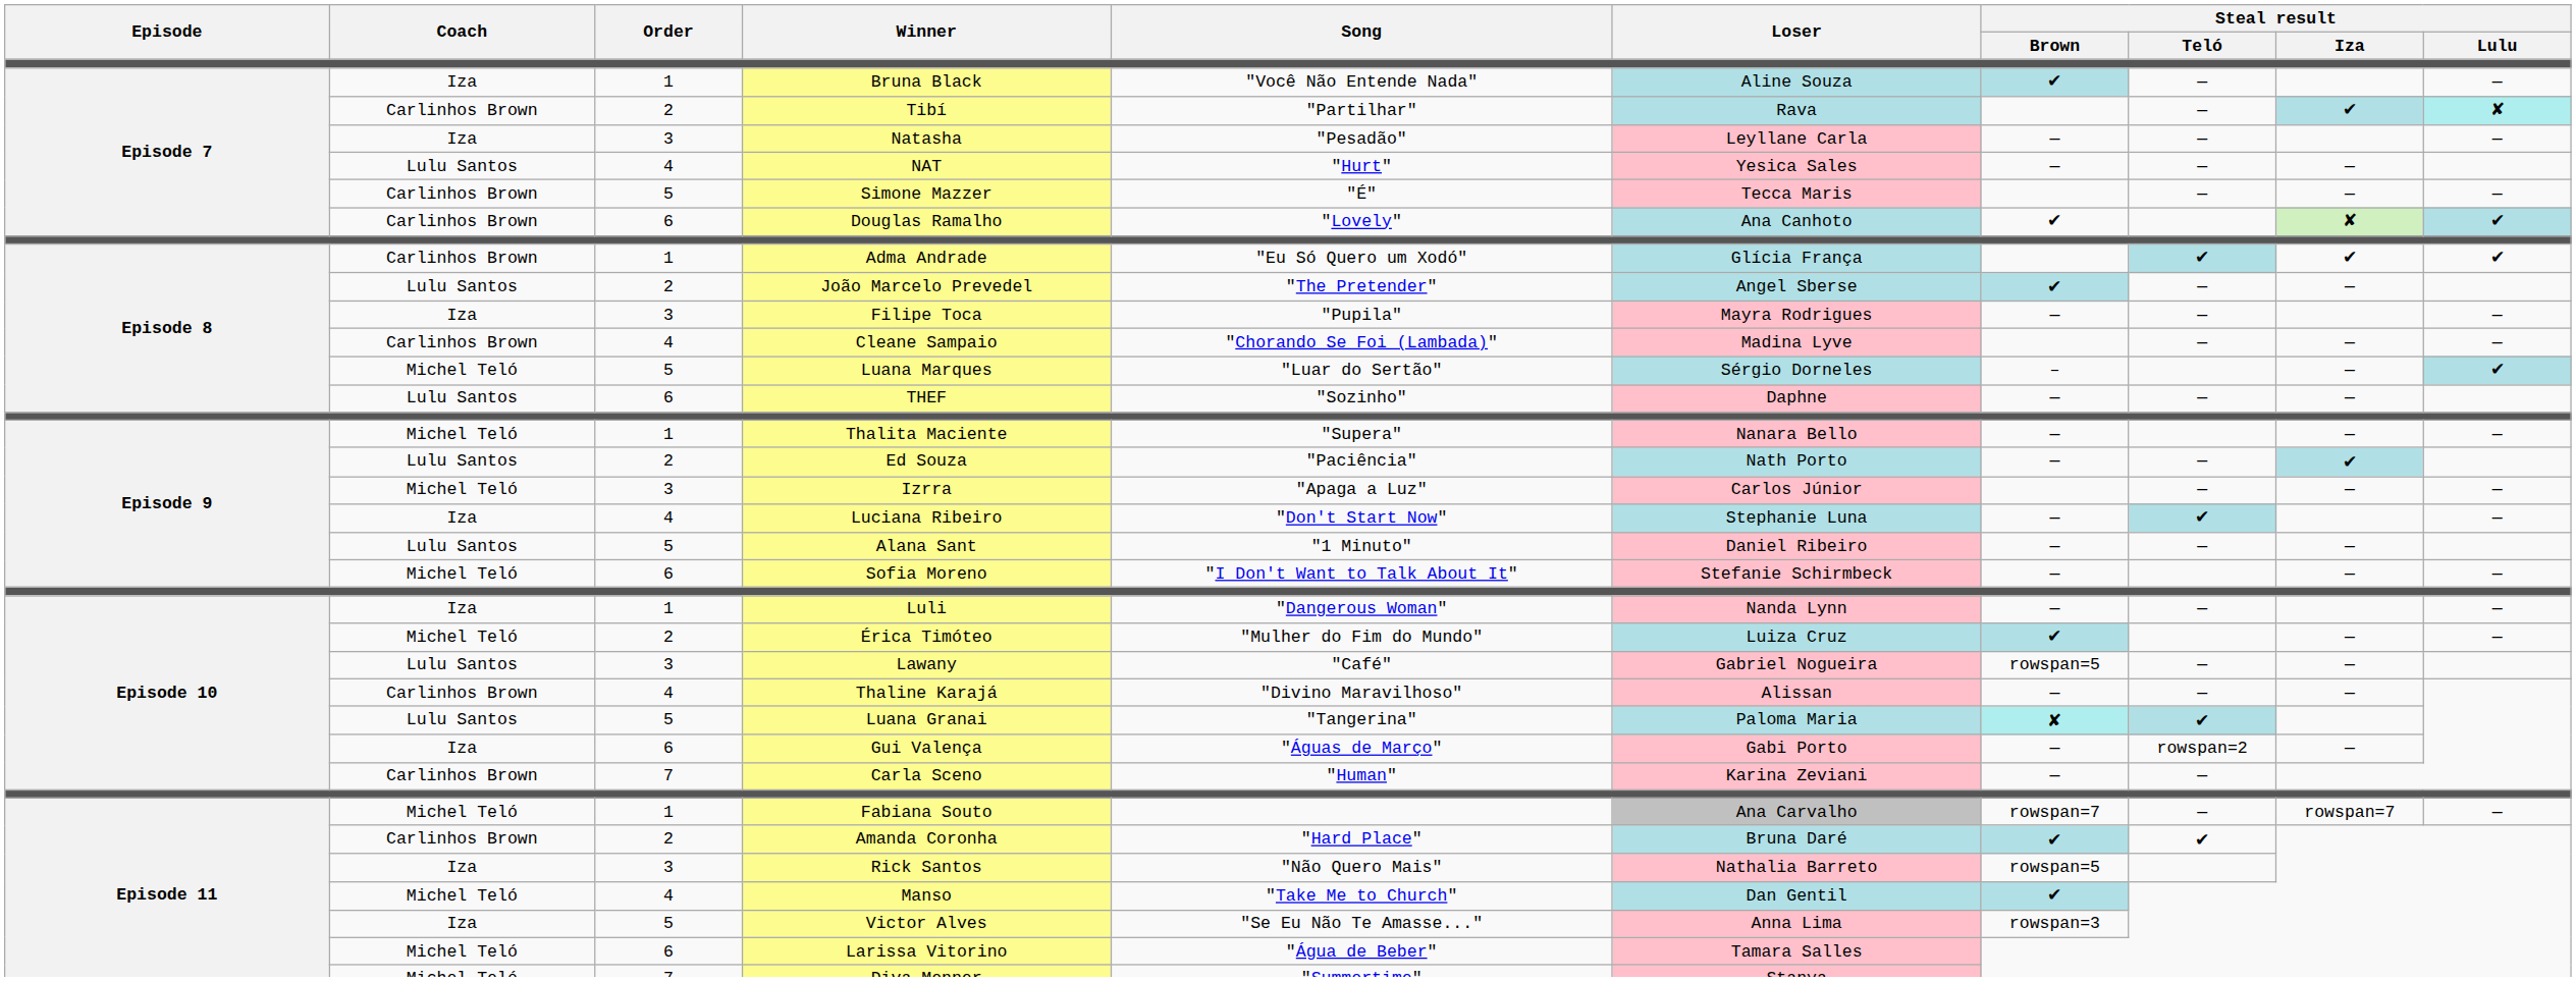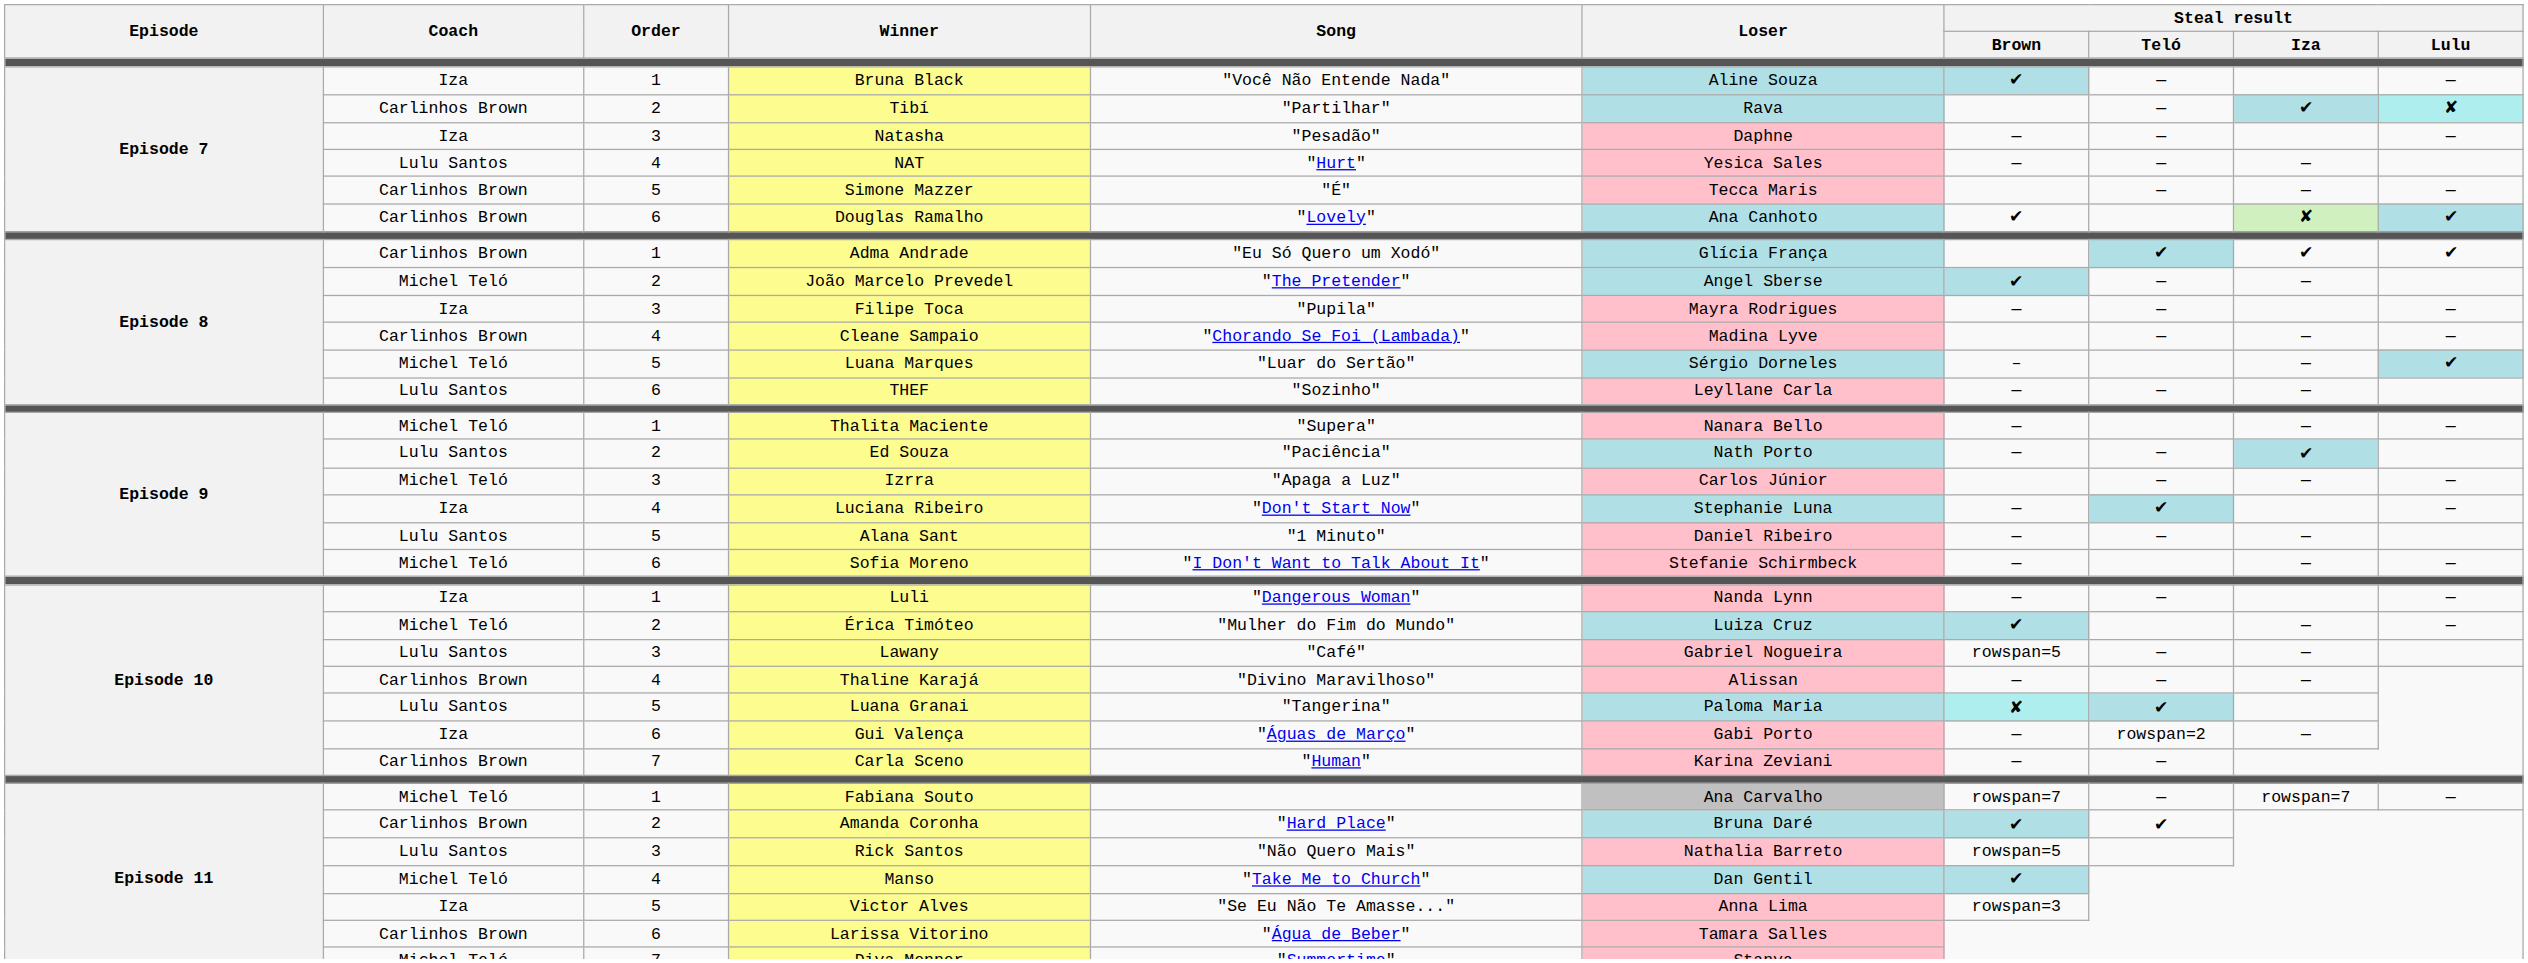 <table class="wikitable" style="text-align:center; width:100%;">
 <tr>
 <th scope="col" width="11.0%" rowspan=2>Episode</th>
 <th scope="col" width="09.0%" rowspan=2>Coach</th>
 <th scope="col" width="05.0%" rowspan=2>Order</th>
 <th scope="col" width="12.5%" rowspan=2>Winner</th>
 <th scope="col" width="17.0%" rowspan=2>Song</th>
 <th scope="col" width="12.5%" rowspan=2>Loser</th>
 <th scope="col" width="20.0%" colspan=4>Steal result</th>
 </tr>
 <tr>
 <th width="5%" scope="col">Brown</th>
 <th width="5%" scope="col">Teló</th>
 <th width="5%" scope="col">Iza</th>
 <th width="5%" scope="col">Lulu</th>
 </tr>
 <tr>
 <td colspan=10 bgcolor=555555></td>
 </tr>
 <tr>
 <th rowspan=6>Episode 7<br></th>
 <td>Iza</td>
 <td>1</td>
 <td bgcolor=FDFC8F>Bruna Black</td>
 <td>"Você Não Entende Nada"</td>
 <td bgcolor=B0E0E6>Aline Souza</td>
 <td bgcolor=B0E0E6>✔</td>
 <td>—</td>
 <td></td>
 <td>—</td>
 </tr>
 <tr>
 <td>Carlinhos Brown</td>
 <td>2</td>
 <td bgcolor=FDFC8F>Tibí</td>
 <td>"Partilhar"</td>
 <td bgcolor=B0E0E6>Rava</td>
 <td></td>
 <td>—</td>
 <td bgcolor=B0E0E6>✔</td>
 <td bgcolor=afeeee>✘</td>
 </tr>
 <tr>
 <td>Iza</td>
 <td>3</td>
 <td bgcolor=FDFC8F>Natasha</td>
 <td>"Pesadão"</td>
-<td bgcolor=FFC0CB>Leyllane Carla</td>
+<td bgcolor=FFC0CB>Daphne</td>
 <td>—</td>
 <td>—</td>
 <td></td>
 <td>—</td>
 </tr>
 <tr>
 <td>Lulu Santos</td>
 <td>4</td>
 <td bgcolor=FDFC8F>NAT</td>
 <td>"<a href='#'>Hurt</a>"</td>
 <td bgcolor=FFC0CB>Yesica Sales</td>
 <td>—</td>
 <td>—</td>
 <td>—</td>
 <td></td>
 </tr>
 <tr>
 <td>Carlinhos Brown</td>
 <td>5</td>
 <td bgcolor=FDFC8F>Simone Mazzer</td>
 <td>"É"</td>
 <td bgcolor=FFC0CB>Tecca Maris</td>
 <td></td>
 <td>—</td>
 <td>—</td>
 <td>—</td>
 </tr>
 <tr>
 <td>Carlinhos Brown</td>
 <td>6</td>
 <td bgcolor=FDFC8F>Douglas Ramalho</td>
 <td>"<a href='#'>Lovely</a>"</td>
 <td bgcolor=B0E0E6>Ana Canhoto</td>
 <td>✔</td>
 <td></td>
 <td bgcolor=D0F0C0>✘</td>
 <td bgcolor=B0E0E6>✔</td>
 </tr>
 <tr>
 <td colspan=10 bgcolor=555555></td>
 </tr>
 <tr>
 <th rowspan=6>Episode 8<br></th>
 <td>Carlinhos Brown</td>
 <td>1</td>
 <td bgcolor=FDFC8F>Adma Andrade</td>
 <td>"Eu Só Quero um Xodó"</td>
 <td bgcolor=B0E0E6>Glícia França</td>
 <td></td>
 <td bgcolor=B0E0E6>✔</td>
 <td>✔</td>
 <td>✔</td>
 </tr>
 <tr>
-<td>Lulu Santos</td>
+<td>Michel Teló</td>
 <td>2</td>
 <td bgcolor=FDFC8F>João Marcelo Prevedel</td>
 <td>"<a href='#'>The Pretender</a>"</td>
 <td bgcolor=B0E0E6>Angel Sberse</td>
 <td bgcolor=B0E0E6>✔</td>
 <td>—</td>
 <td>—</td>
 <td></td>
 </tr>
 <tr>
 <td>Iza</td>
 <td>3</td>
 <td bgcolor=FDFC8F>Filipe Toca</td>
 <td>"Pupila"</td>
 <td bgcolor=FFC0CB>Mayra Rodrigues</td>
 <td>—</td>
 <td>—</td>
 <td></td>
 <td>—</td>
 </tr>
 <tr>
 <td>Carlinhos Brown</td>
 <td>4</td>
 <td bgcolor=FDFC8F>Cleane Sampaio</td>
 <td>"<a href='#'>Chorando Se Foi (Lambada)</a>"</td>
 <td bgcolor=FFC0CB>Madina Lyve</td>
 <td></td>
 <td>—</td>
 <td>—</td>
 <td>—</td>
 </tr>
 <tr>
 <td>Michel Teló</td>
 <td>5</td>
 <td bgcolor=FDFC8F>Luana Marques</td>
 <td>"Luar do Sertão"</td>
 <td bgcolor=B0E0E6>Sérgio Dorneles</td>
 <td>–</td>
 <td></td>
 <td>—</td>
 <td bgcolor=B0E0E6>✔</td>
 </tr>
 <tr>
 <td>Lulu Santos</td>
 <td>6</td>
 <td bgcolor=FDFC8F>THEF</td>
 <td>"Sozinho"</td>
-<td bgcolor=FFC0CB>Daphne</td>
+<td bgcolor=FFC0CB>Leyllane Carla</td>
 <td>—</td>
 <td>—</td>
 <td>—</td>
 <td></td>
 </tr>
 <tr>
 <td colspan=10 bgcolor=555555></td>
 </tr>
 <tr>
 <th rowspan=6>Episode 9<br></th>
 <td>Michel Teló</td>
 <td>1</td>
 <td bgcolor=FDFC8F>Thalita Maciente</td>
 <td>"Supera"</td>
 <td bgcolor=FFC0CB>Nanara Bello</td>
 <td>—</td>
 <td></td>
 <td>—</td>
 <td>—</td>
 </tr>
 <tr>
 <td>Lulu Santos</td>
 <td>2</td>
 <td bgcolor=FDFC8F>Ed Souza</td>
 <td>"Paciência"</td>
 <td bgcolor=B0E0E6>Nath Porto</td>
 <td>—</td>
 <td>—</td>
 <td bgcolor=B0E0E6>✔</td>
 <td></td>
 </tr>
 <tr>
 <td>Michel Teló</td>
 <td>3</td>
 <td bgcolor=FDFC8F>Izrra</td>
 <td>"Apaga a Luz"</td>
 <td bgcolor=FFC0CB>Carlos Júnior</td>
 <td></td>
 <td>—</td>
 <td>—</td>
 <td>—</td>
 </tr>
 <tr>
 <td>Iza</td>
 <td>4</td>
 <td bgcolor=FDFC8F>Luciana Ribeiro</td>
 <td>"<a href='#'>Don't Start Now</a>"</td>
 <td bgcolor=B0E0E6>Stephanie Luna</td>
 <td>—</td>
 <td bgcolor=B0E0E6>✔</td>
 <td></td>
 <td>—</td>
 </tr>
 <tr>
 <td>Lulu Santos</td>
 <td>5</td>
 <td bgcolor=FDFC8F>Alana Sant</td>
 <td>"1 Minuto"</td>
 <td bgcolor=FFC0CB>Daniel Ribeiro</td>
 <td>—</td>
 <td>—</td>
 <td>—</td>
 <td></td>
 </tr>
 <tr>
 <td>Michel Teló</td>
 <td>6</td>
 <td bgcolor=FDFC8F>Sofia Moreno</td>
 <td>"<a href='#'>I Don't Want to Talk About It</a>"</td>
 <td bgcolor=FFC0CB>Stefanie Schirmbeck</td>
 <td>—</td>
 <td></td>
 <td>—</td>
 <td>—</td>
 </tr>
 <tr>
 <td colspan=10 bgcolor=555555></td>
 </tr>
 <tr>
 <th rowspan=7>Episode 10<br></th>
 <td>Iza</td>
 <td>1</td>
 <td bgcolor=FDFC8F>Luli</td>
 <td>"<a href='#'>Dangerous Woman</a>"</td>
 <td bgcolor=FFC0CB>Nanda Lynn</td>
 <td>—</td>
 <td>—</td>
 <td></td>
 <td>—</td>
 </tr>
 <tr>
 <td>Michel Teló</td>
 <td>2</td>
 <td bgcolor=FDFC8F>Érica Timóteo</td>
 <td>"Mulher do Fim do Mundo"</td>
 <td bgcolor=B0E0E6>Luiza Cruz</td>
 <td bgcolor=B0E0E6>✔</td>
 <td></td>
 <td>—</td>
 <td>—</td>
 </tr>
 <tr>
 <td>Lulu Santos</td>
 <td>3</td>
 <td bgcolor=FDFC8F>Lawany</td>
 <td>"Café"</td>
 <td bgcolor=FFC0CB>Gabriel Nogueira</td>
 <td>rowspan=5 </td>
 <td>—</td>
 <td>—</td>
 <td></td>
 </tr>
 <tr>
 <td>Carlinhos Brown</td>
 <td>4</td>
 <td bgcolor=FDFC8F>Thaline Karajá</td>
 <td>"Divino Maravilhoso"</td>
 <td bgcolor=FFC0CB>Alissan</td>
 <td>—</td>
 <td>—</td>
 <td>—</td>
 </tr>
 <tr>
 <td>Lulu Santos</td>
 <td>5</td>
 <td bgcolor=FDFC8F>Luana Granai</td>
 <td>"Tangerina"</td>
 <td bgcolor=B0E0E6>Paloma Maria</td>
 <td bgcolor=afeeee>✘</td>
 <td bgcolor=B0E0E6>✔</td>
 <td></td>
 </tr>
 <tr>
 <td>Iza</td>
 <td>6</td>
 <td bgcolor=FDFC8F>Gui Valença</td>
 <td>"<a href='#'>Águas de Março</a>"</td>
 <td bgcolor=FFC0CB>Gabi Porto</td>
 <td>—</td>
 <td>rowspan=2 </td>
 <td>—</td>
 </tr>
 <tr>
 <td>Carlinhos Brown</td>
 <td>7</td>
 <td bgcolor=FDFC8F>Carla Sceno</td>
 <td>"<a href='#'>Human</a>"</td>
 <td bgcolor=FFC0CB>Karina Zeviani</td>
 <td>—</td>
 <td>—</td>
 </tr>
 <tr>
 <td colspan=10 bgcolor=555555></td>
 </tr>
 <tr>
 <th rowspan=7>Episode 11<br></th>
 <td>Michel Teló</td>
 <td>1</td>
 <td bgcolor=FDFC8F>Fabiana Souto</td>
 <td></td>
 <td bgcolor=C0C0C0>Ana Carvalho</td>
 <td>rowspan=7 </td>
 <td>—</td>
 <td>rowspan=7 </td>
 <td>—</td>
 </tr>
 <tr>
 <td>Carlinhos Brown</td>
 <td>2</td>
 <td bgcolor=FDFC8F>Amanda Coronha</td>
 <td>"<a href='#'>Hard Place</a>"</td>
 <td bgcolor=B0E0E6>Bruna Daré</td>
 <td bgcolor=B0E0E6>✔</td>
 <td>✔</td>
 </tr>
 <tr>
-<td>Iza</td>
+<td>Lulu Santos</td>
 <td>3</td>
 <td bgcolor=FDFC8F>Rick Santos</td>
 <td>"Não Quero Mais"</td>
 <td bgcolor=FFC0CB>Nathalia Barreto</td>
 <td>rowspan=5 </td>
 <td></td>
 </tr>
 <tr>
 <td>Michel Teló</td>
 <td>4</td>
 <td bgcolor=FDFC8F>Manso</td>
 <td>"<a href='#'>Take Me to Church</a>"</td>
 <td bgcolor=B0E0E6>Dan Gentil</td>
 <td bgcolor=B0E0E6>✔</td>
 </tr>
 <tr>
 <td>Iza</td>
 <td>5</td>
 <td bgcolor=FDFC8F>Victor Alves</td>
 <td>"Se Eu Não Te Amasse..."</td>
 <td bgcolor=FFC0CB>Anna Lima</td>
 <td>rowspan=3 </td>
 </tr>
 <tr>
-<td>Michel Teló</td>
+<td>Carlinhos Brown</td>
 <td>6</td>
 <td bgcolor=FDFC8F>Larissa Vitorino</td>
 <td>"<a href='#'>Água de Beber</a>"</td>
 <td bgcolor=FFC0CB>Tamara Salles</td>
 </tr>
 <tr>
 <td>Michel Teló</td>
 <td>7</td>
 <td bgcolor=FDFC8F>Diva Menner</td>
 <td>"<a href='#'>Summertime</a>"</td>
 <td bgcolor=FFC0CB>Stanya</td>
 </tr>
 <tr>
 </tr>
 </table>
